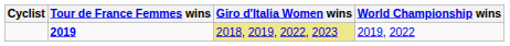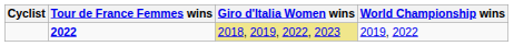 <table class="wikitable">
 <tr>
 <th>Cyclist</th>
 <th><a href='#'>Tour de France Femmes</a> wins</th>
 <th><a href='#'>Giro d'Italia Women</a> wins</th>
 <th><a href='#'>World Championship</a> wins</th>
 </tr>
 <tr>
 <td></td>
-<td><strong> <a href='#'>2019</a></strong></td>
+<td><strong> <a href='#'>2022</a></strong></td>
 <td style="background: khaki;"><a href='#'>2018</a>, <a href='#'>2019</a>, <a href='#'>2022</a>, <a href='#'>2023</a></td>
 <td><a href='#'>2019</a>, <a href='#'>2022</a></td>
 </tr>
 </table>
